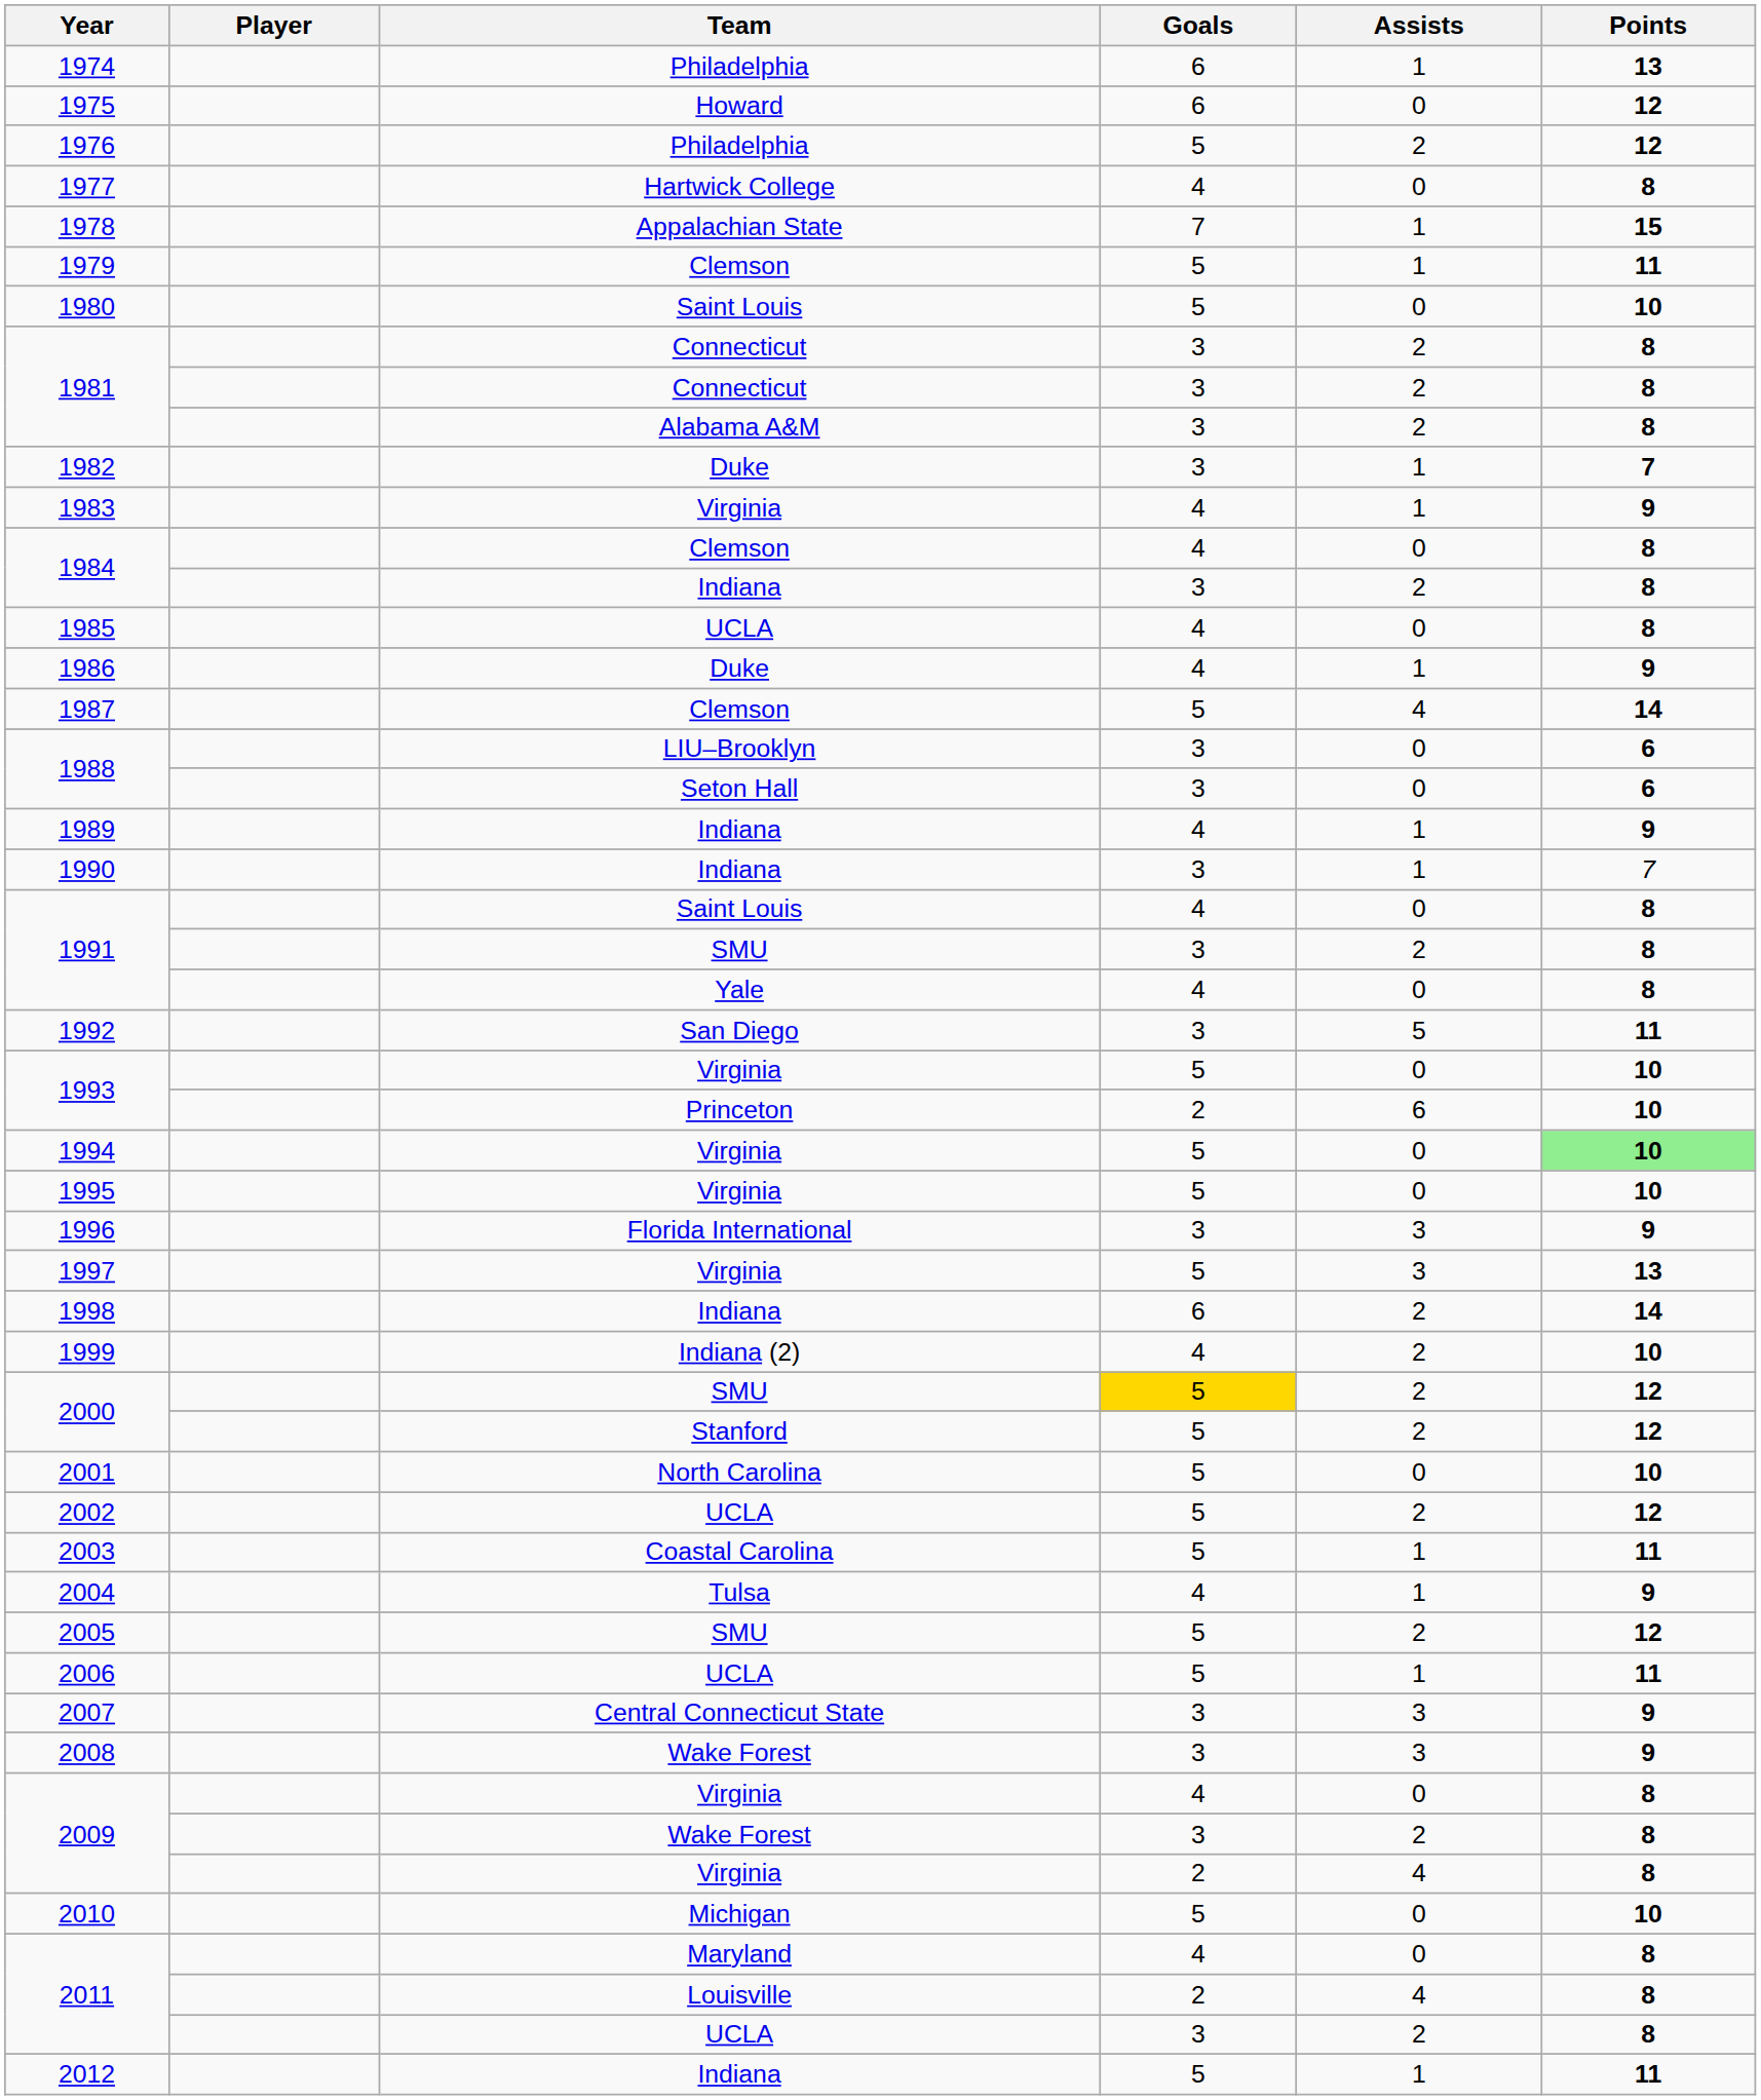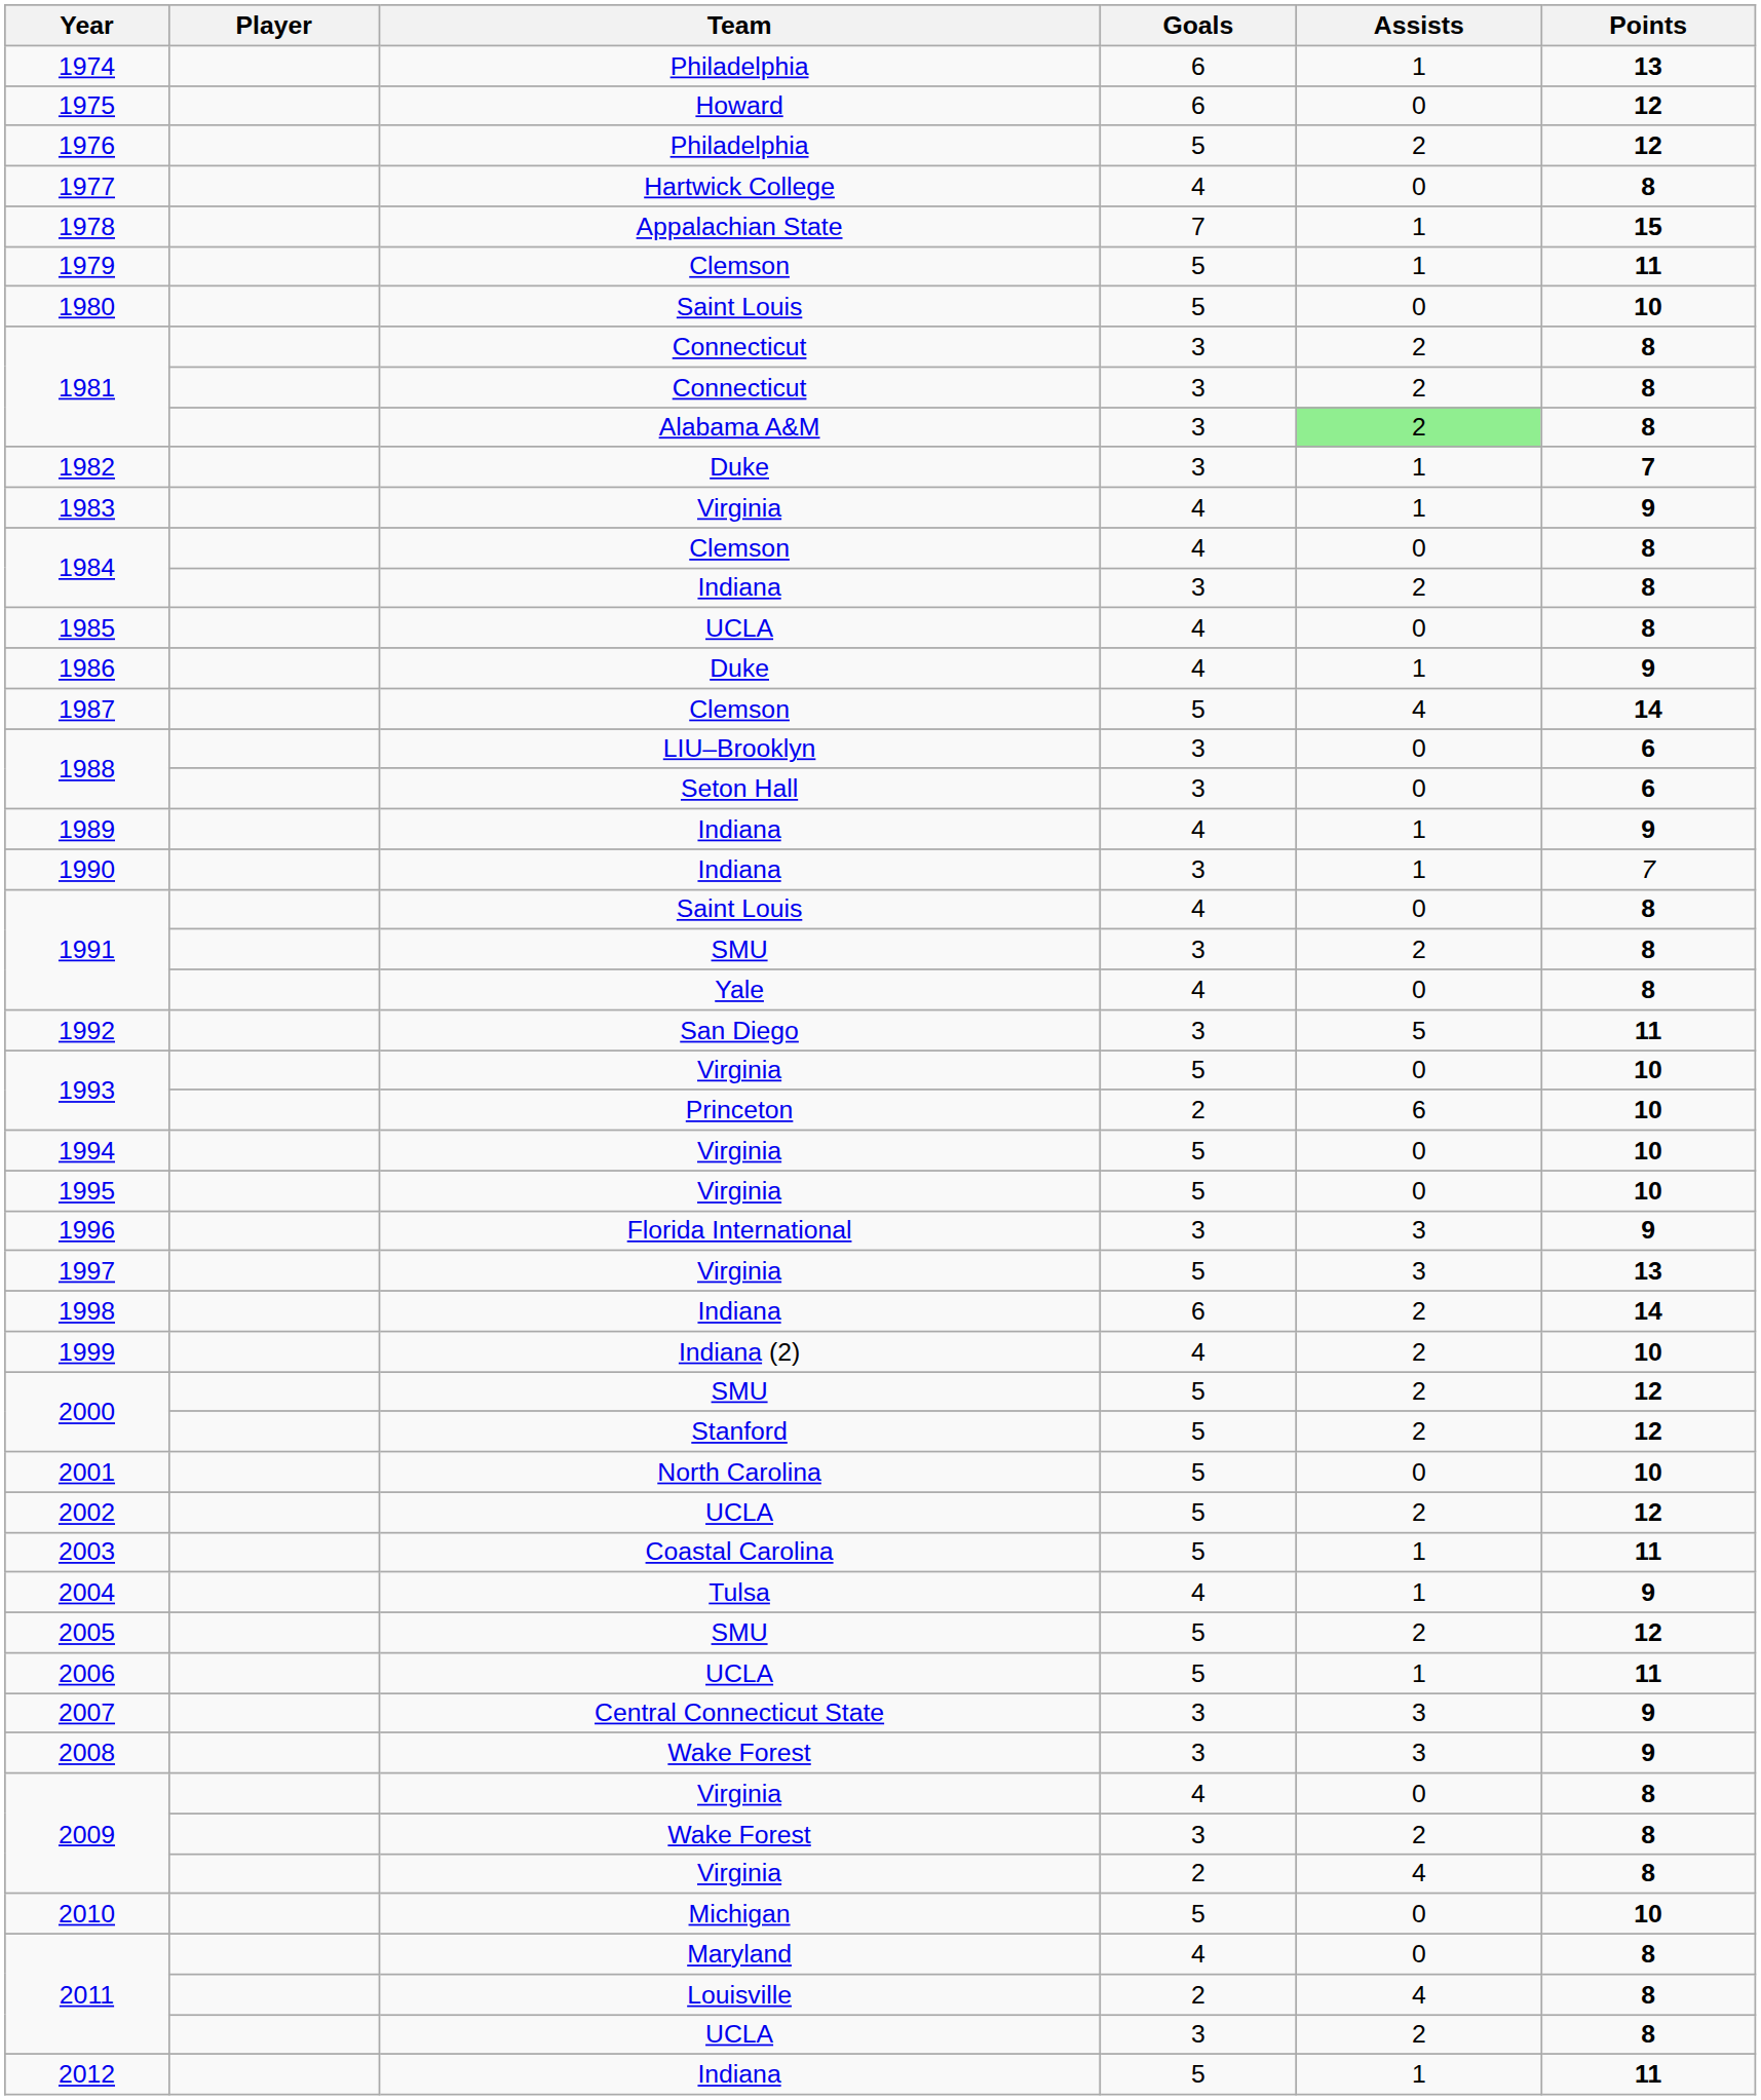 <table class="wikitable sortable" style="font-size:90%; width: 50%; text-align: center;">
 <tr>
 <th>Year</th>
 <th>Player</th>
 <th>Team</th>
 <th>Goals</th>
 <th>Assists</th>
 <th>Points</th>
 </tr>
 <tr>
 <td><a href='#'>1974</a></td>
 <td></td>
 <td><a href='#'>Philadelphia</a></td>
 <td>6</td>
 <td>1</td>
 <td><strong>13</strong></td>
 </tr>
 <tr>
 <td><a href='#'>1975</a></td>
 <td></td>
 <td><a href='#'>Howard</a></td>
 <td>6</td>
 <td>0</td>
 <td><strong>12</strong></td>
 </tr>
 <tr>
 <td><a href='#'>1976</a></td>
 <td></td>
 <td><a href='#'>Philadelphia</a></td>
 <td>5</td>
 <td>2</td>
 <td><strong>12</strong></td>
 </tr>
 <tr>
 <td><a href='#'>1977</a></td>
 <td></td>
 <td><a href='#'>Hartwick College</a></td>
 <td>4</td>
 <td>0</td>
 <td><strong>8</strong></td>
 </tr>
 <tr>
 <td><a href='#'>1978</a></td>
 <td></td>
 <td><a href='#'>Appalachian State</a></td>
 <td>7</td>
 <td>1</td>
 <td><strong>15</strong></td>
 </tr>
 <tr>
 <td><a href='#'>1979</a></td>
 <td></td>
 <td><a href='#'>Clemson</a></td>
 <td>5</td>
 <td>1</td>
 <td><strong>11</strong></td>
 </tr>
 <tr>
 <td><a href='#'>1980</a></td>
 <td></td>
 <td><a href='#'>Saint Louis</a></td>
 <td>5</td>
 <td>0</td>
 <td><strong>10</strong></td>
 </tr>
 <tr>
 <td rowspan=3><a href='#'>1981</a></td>
 <td></td>
 <td><a href='#'>Connecticut</a></td>
 <td>3</td>
 <td>2</td>
 <td><strong>8</strong></td>
 </tr>
 <tr>
 <td></td>
 <td><a href='#'>Connecticut</a></td>
 <td>3</td>
 <td>2</td>
 <td><strong>8</strong></td>
 </tr>
 <tr>
 <td></td>
 <td><a href='#'>Alabama A&M</a></td>
 <td>3</td>
-<td>2</td>
+<td style="background: lightgreen;">2</td>
 <td><strong>8</strong></td>
 </tr>
 <tr>
 <td><a href='#'>1982</a></td>
 <td></td>
 <td><a href='#'>Duke</a></td>
 <td>3</td>
 <td>1</td>
 <td><strong>7</strong></td>
 </tr>
 <tr>
 <td><a href='#'>1983</a></td>
 <td></td>
 <td><a href='#'>Virginia</a></td>
 <td>4</td>
 <td>1</td>
 <td><strong>9</strong></td>
 </tr>
 <tr>
 <td rowspan=2><a href='#'>1984</a></td>
 <td></td>
 <td><a href='#'>Clemson</a></td>
 <td>4</td>
 <td>0</td>
 <td><strong>8</strong></td>
 </tr>
 <tr>
 <td></td>
 <td><a href='#'>Indiana</a></td>
 <td>3</td>
 <td>2</td>
 <td><strong>8</strong></td>
 </tr>
 <tr>
 <td><a href='#'>1985</a></td>
 <td></td>
 <td><a href='#'>UCLA</a></td>
 <td>4</td>
 <td>0</td>
 <td><strong>8</strong></td>
 </tr>
 <tr>
 <td><a href='#'>1986</a></td>
 <td></td>
 <td><a href='#'>Duke</a></td>
 <td>4</td>
 <td>1</td>
 <td><strong>9</strong></td>
 </tr>
 <tr>
 <td><a href='#'>1987</a></td>
 <td></td>
 <td><a href='#'>Clemson</a></td>
 <td>5</td>
 <td>4</td>
 <td><strong>14</strong></td>
 </tr>
 <tr>
 <td rowspan=2><a href='#'>1988</a></td>
 <td></td>
 <td><a href='#'>LIU–Brooklyn</a></td>
 <td>3</td>
 <td>0</td>
 <td><strong>6</strong></td>
 </tr>
 <tr>
 <td></td>
 <td><a href='#'>Seton Hall</a></td>
 <td>3</td>
 <td>0</td>
 <td><strong>6</strong></td>
 </tr>
 <tr>
 <td><a href='#'>1989</a></td>
 <td></td>
 <td><a href='#'>Indiana</a></td>
 <td>4</td>
 <td>1</td>
 <td><strong>9</strong></td>
 </tr>
 <tr>
 <td><a href='#'>1990</a></td>
 <td></td>
 <td><a href='#'>Indiana</a></td>
 <td>3</td>
 <td>1</td>
 <td><em>7</em></td>
 </tr>
 <tr>
 <td rowspan=3><a href='#'>1991</a></td>
 <td></td>
 <td><a href='#'>Saint Louis</a></td>
 <td>4</td>
 <td>0</td>
 <td><strong>8</strong></td>
 </tr>
 <tr>
 <td></td>
 <td><a href='#'>SMU</a></td>
 <td>3</td>
 <td>2</td>
 <td><strong>8</strong></td>
 </tr>
 <tr>
 <td></td>
 <td><a href='#'>Yale</a></td>
 <td>4</td>
 <td>0</td>
 <td><strong>8</strong></td>
 </tr>
 <tr>
 <td><a href='#'>1992</a></td>
 <td></td>
 <td><a href='#'>San Diego</a></td>
 <td>3</td>
 <td>5</td>
 <td><strong>11</strong></td>
 </tr>
 <tr>
 <td rowspan=2><a href='#'>1993</a></td>
 <td></td>
 <td><a href='#'>Virginia</a></td>
 <td>5</td>
 <td>0</td>
 <td><strong>10</strong></td>
 </tr>
 <tr>
 <td></td>
 <td><a href='#'>Princeton</a></td>
 <td>2</td>
 <td>6</td>
 <td><strong>10</strong></td>
 </tr>
 <tr>
 <td><a href='#'>1994</a></td>
 <td></td>
 <td><a href='#'>Virginia</a></td>
 <td>5</td>
 <td>0</td>
-<td style="background: lightgreen;"><strong>10</strong></td>
+<td><strong>10</strong></td>
 </tr>
 <tr>
 <td><a href='#'>1995</a></td>
 <td></td>
 <td><a href='#'>Virginia</a></td>
 <td>5</td>
 <td>0</td>
 <td><strong>10</strong></td>
 </tr>
 <tr>
 <td><a href='#'>1996</a></td>
 <td></td>
 <td><a href='#'>Florida International</a></td>
 <td>3</td>
 <td>3</td>
 <td><strong>9</strong></td>
 </tr>
 <tr>
 <td><a href='#'>1997</a></td>
 <td></td>
 <td><a href='#'>Virginia</a></td>
 <td>5</td>
 <td>3</td>
 <td><strong>13</strong></td>
 </tr>
 <tr>
 <td><a href='#'>1998</a></td>
 <td></td>
 <td><a href='#'>Indiana</a></td>
 <td>6</td>
 <td>2</td>
 <td><strong>14</strong></td>
 </tr>
 <tr>
 <td><a href='#'>1999</a></td>
 <td></td>
 <td><a href='#'>Indiana</a> (2)</td>
 <td>4</td>
 <td>2</td>
 <td><strong>10</strong></td>
 </tr>
 <tr>
 <td rowspan=2><a href='#'>2000</a></td>
 <td></td>
 <td><a href='#'>SMU</a></td>
-<td style="background: gold;">5</td>
+<td>5</td>
 <td>2</td>
 <td><strong>12</strong></td>
 </tr>
 <tr>
 <td></td>
 <td><a href='#'>Stanford</a></td>
 <td>5</td>
 <td>2</td>
 <td><strong>12</strong></td>
 </tr>
 <tr>
 <td><a href='#'>2001</a></td>
 <td></td>
 <td><a href='#'>North Carolina</a></td>
 <td>5</td>
 <td>0</td>
 <td><strong>10</strong></td>
 </tr>
 <tr>
 <td><a href='#'>2002</a></td>
 <td></td>
 <td><a href='#'>UCLA</a></td>
 <td>5</td>
 <td>2</td>
 <td><strong>12</strong></td>
 </tr>
 <tr>
 <td><a href='#'>2003</a></td>
 <td></td>
 <td><a href='#'>Coastal Carolina</a></td>
 <td>5</td>
 <td>1</td>
 <td><strong>11</strong></td>
 </tr>
 <tr>
 <td><a href='#'>2004</a></td>
 <td></td>
 <td><a href='#'>Tulsa</a></td>
 <td>4</td>
 <td>1</td>
 <td><strong>9</strong></td>
 </tr>
 <tr>
 <td><a href='#'>2005</a></td>
 <td></td>
 <td><a href='#'>SMU</a></td>
 <td>5</td>
 <td>2</td>
 <td><strong>12</strong></td>
 </tr>
 <tr>
 <td><a href='#'>2006</a></td>
 <td></td>
 <td><a href='#'>UCLA</a></td>
 <td>5</td>
 <td>1</td>
 <td><strong>11</strong></td>
 </tr>
 <tr>
 <td><a href='#'>2007</a></td>
 <td></td>
 <td><a href='#'>Central Connecticut State</a></td>
 <td>3</td>
 <td>3</td>
 <td><strong>9</strong></td>
 </tr>
 <tr>
 <td><a href='#'>2008</a></td>
 <td></td>
 <td><a href='#'>Wake Forest</a></td>
 <td>3</td>
 <td>3</td>
 <td><strong>9</strong></td>
 </tr>
 <tr>
 <td rowspan=3><a href='#'>2009</a></td>
 <td></td>
 <td><a href='#'>Virginia</a></td>
 <td>4</td>
 <td>0</td>
 <td><strong>8</strong></td>
 </tr>
 <tr>
 <td></td>
 <td><a href='#'>Wake Forest</a></td>
 <td>3</td>
 <td>2</td>
 <td><strong>8</strong></td>
 </tr>
 <tr>
 <td></td>
 <td><a href='#'>Virginia</a></td>
 <td>2</td>
 <td>4</td>
 <td><strong>8</strong></td>
 </tr>
 <tr>
 <td><a href='#'>2010</a></td>
 <td></td>
 <td><a href='#'>Michigan</a></td>
 <td>5</td>
 <td>0</td>
 <td><strong>10</strong></td>
 </tr>
 <tr>
 <td rowspan=3><a href='#'>2011</a></td>
 <td></td>
 <td><a href='#'>Maryland</a></td>
 <td>4</td>
 <td>0</td>
 <td><strong>8</strong></td>
 </tr>
 <tr>
 <td></td>
 <td><a href='#'>Louisville</a></td>
 <td>2</td>
 <td>4</td>
 <td><strong>8</strong></td>
 </tr>
 <tr>
 <td></td>
 <td><a href='#'>UCLA</a></td>
 <td>3</td>
 <td>2</td>
 <td><strong>8</strong></td>
 </tr>
 <tr>
 <td><a href='#'>2012</a></td>
 <td></td>
 <td><a href='#'>Indiana</a></td>
 <td>5</td>
 <td>1</td>
 <td><strong>11</strong></td>
 </tr>
 </table>
